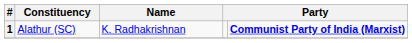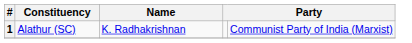 <table class="wikitable sortable">
 <tr>
 <th>#</th>
 <th style="width:120px">Constituency</th>
 <th style="width:180px">Name</th>
 <th colspan=2>Party</th>
 </tr>
 <tr>
 <th>1</th>
 <td><a href='#'>Alathur (SC)</a></td>
 <td><a href='#'>K. Radhakrishnan</a></td>
 <td bgcolor=></td>
-<td><strong><a href='#'>Communist Party of India (Marxist)</a></strong></td>
+<td><a href='#'>Communist Party of India (Marxist)</a></td>
 </tr>
 <tr>
 </tr>
 </table>
